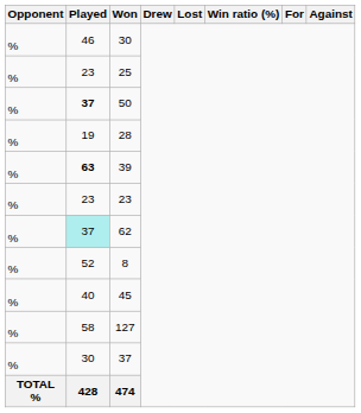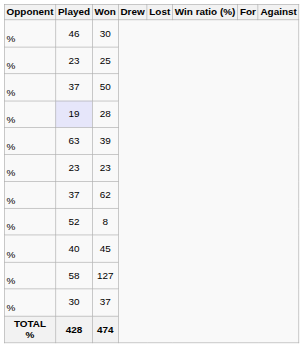 <table class="wikitable">
 <tr>
 <th>Opponent</th>
 <th>Played</th>
 <th>Won</th>
 <th>Drew</th>
 <th>Lost</th>
 <th>Win ratio (%)</th>
 <th>For</th>
 <th>Against</th>
 </tr>
 <tr align=center>
 <td align=left><br>%</td>
 <td>46</td>
 <td>30</td>
 </tr>
 <tr align=center>
 <td align=left><br>%</td>
 <td>23</td>
 <td>25</td>
 </tr>
 <tr align=center>
 <td align=left><br>%</td>
-<td><strong>37</strong></td>
+<td>37</td>
 <td>50</td>
 </tr>
 <tr align=center>
 <td align=left><br>%</td>
-<td>19</td>
+<td style="background: lavender;">19</td>
 <td>28</td>
 </tr>
 <tr align=center>
 <td align=left><br>%</td>
-<td><strong>63</strong></td>
+<td>63</td>
 <td>39</td>
 </tr>
 <tr align=center>
 <td align=left><br>%</td>
 <td>23</td>
 <td>23</td>
 </tr>
 <tr align=center>
 <td align=left><br>%</td>
-<td style="background: paleturquoise;">37</td>
+<td>37</td>
 <td>62</td>
 </tr>
 <tr align=center>
 <td align=left><br>%</td>
 <td>52</td>
 <td>8</td>
 </tr>
 <tr align=center>
 <td align=left><br>%</td>
 <td>40</td>
 <td>45</td>
 </tr>
 <tr align=center>
 <td align=left><br>%</td>
 <td>58</td>
 <td>127</td>
 </tr>
 <tr align=center>
 <td align=left><br>%</td>
 <td>30</td>
 <td>37</td>
 </tr>
 <tr align=center>
 <th>TOTAL<br>%</th>
 <th>428</th>
 <th>474</th>
 </tr>
 </table>
